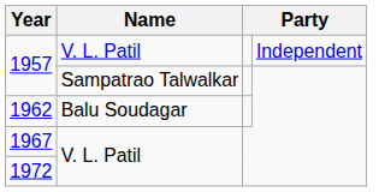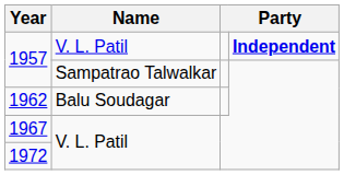 <table class="wikitable">
 <tr>
 <th>Year</th>
 <th>Name</th>
 <th colspan="2">Party</th>
 </tr>
 <tr>
 <td rowspan="2"><a href='#'>1957</a></td>
 <td><a href='#'>V. L. Patil</a></td>
 <td style="background-color:"></td>
-<td><a href='#'>Independent</a></td>
+<td><strong><a href='#'>Independent</a></strong></td>
 </tr>
 <tr>
 <td>Sampatrao Talwalkar</td>
 <td></td>
 </tr>
 <tr>
 <td><a href='#'>1962</a></td>
 <td>Balu Soudagar</td>
 <td></td>
 </tr>
 <tr>
 <td><a href='#'>1967</a></td>
 <td rowspan="2">V. L. Patil</td>
 </tr>
 <tr>
 <td><a href='#'>1972</a></td>
 </tr>
 </table>
